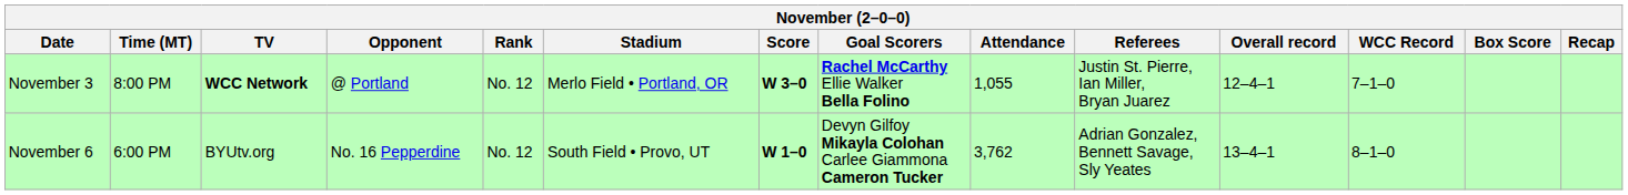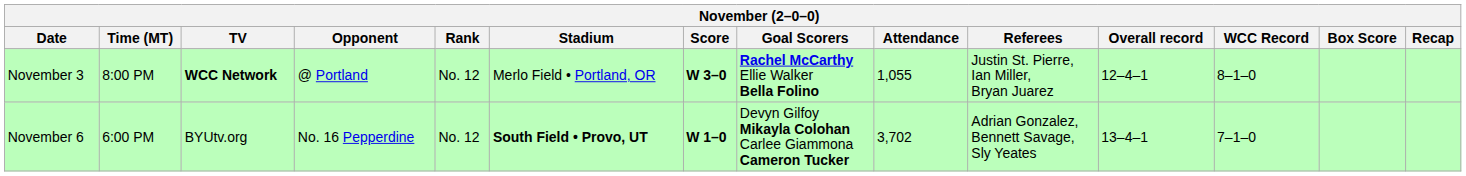 <table class="wikitable collapsible collapsed" style="margin:auto; font-size:95%; width:100%">
 <tr>
 <th colspan=14 style="padding-left:4em;">November (2–0–0)</th>
 </tr>
 <tr>
 <th>Date</th>
 <th>Time (MT)</th>
 <th>TV</th>
 <th>Opponent</th>
 <th>Rank</th>
 <th>Stadium</th>
 <th>Score</th>
 <th>Goal Scorers</th>
 <th>Attendance</th>
 <th>Referees</th>
 <th>Overall record</th>
 <th>WCC Record</th>
 <th>Box Score</th>
 <th>Recap</th>
 </tr>
 <tr bgcolor=bbffbb>
 <td>November 3</td>
 <td>8:00 PM</td>
 <td><strong>WCC Network</strong></td>
 <td>@ <a href='#'>Portland</a></td>
 <td>No. 12</td>
 <td>Merlo Field • <a href='#'>Portland, OR</a></td>
 <td><strong>W 3–0</strong></td>
 <td><strong><a href='#'>Rachel McCarthy</a></strong>  <br> Ellie Walker  <br> <strong>Bella Folino</strong> </td>
 <td>1,055</td>
 <td>Justin St. Pierre, <br> Ian Miller, <br> Bryan Juarez</td>
 <td>12–4–1</td>
-<td>7–1–0</td>
+<td>8–1–0</td>
 <td></td>
 <td></td>
 </tr>
 <tr bgcolor=bbffbb>
 <td>November 6</td>
 <td>6:00 PM</td>
 <td>BYUtv.org</td>
 <td>No. 16 <a href='#'>Pepperdine</a></td>
 <td>No. 12</td>
-<td>South Field • Provo, UT</td>
+<td><strong>South Field • Provo, UT</strong></td>
 <td><strong>W 1–0</strong></td>
 <td>Devyn Gilfoy  <br> <strong>Mikayla Colohan</strong>  <br> Carlee Giammona  <br> <strong>Cameron Tucker</strong> </td>
-<td>3,762</td>
+<td>3,702</td>
 <td>Adrian Gonzalez, <br> Bennett Savage, <br> Sly Yeates</td>
 <td>13–4–1</td>
-<td>8–1–0</td>
+<td>7–1–0</td>
 <td></td>
 <td></td>
 </tr>
 </table>
